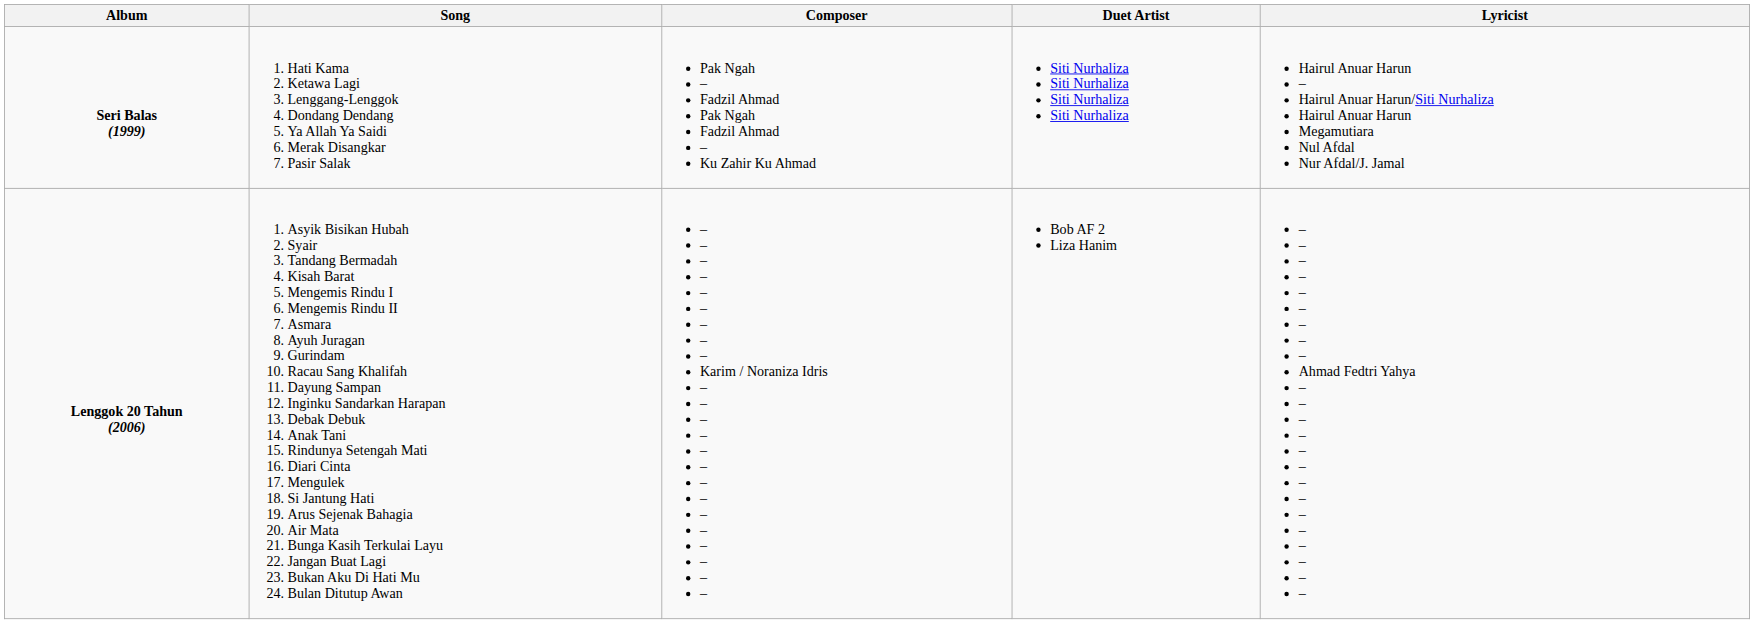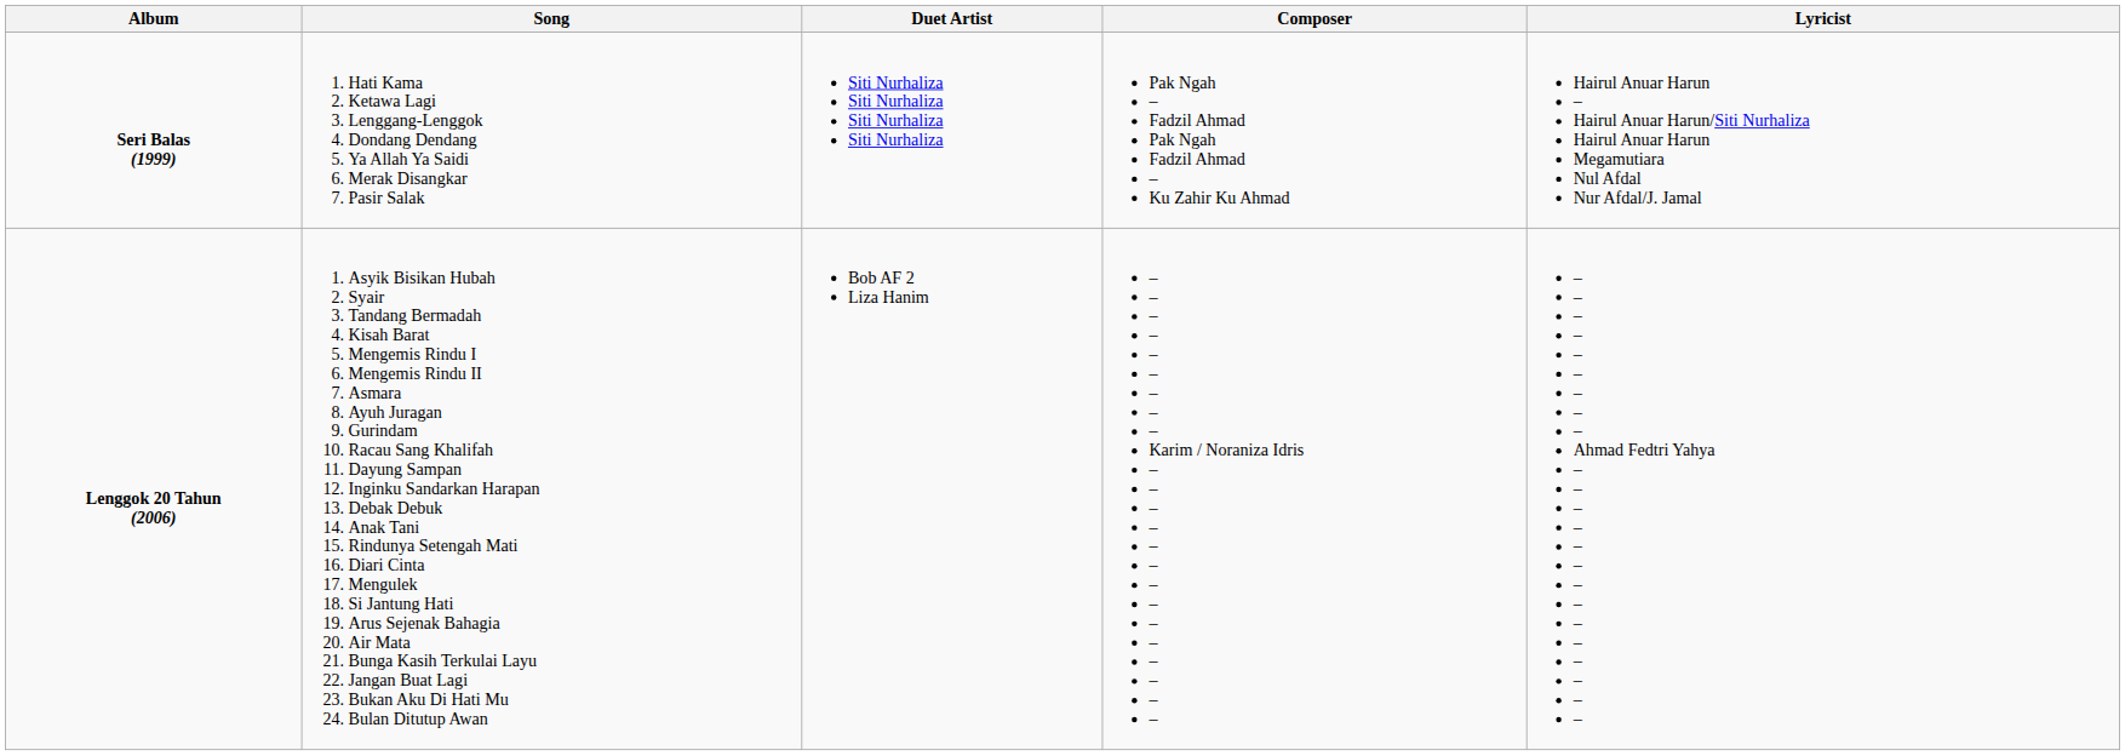 <table class="wikitable" style="width:100%;">
 <tr>
 <th style="text-align:center;">Album</th>
 <th style="text-align:center;">Song</th>
+<th align="left">Duet Artist</th>
 <th align="left">Composer</th>
-<th align="left">Duet Artist</th>
 <th align="left">Lyricist</th>
 </tr>
 <tr>
 <td style="text-align:center;"><br><br><strong>Seri Balas</strong><br><strong><em>(1999)</em></strong></td>
 <td><br><ol><li>Hati Kama</li><li>Ketawa Lagi</li><li>Lenggang-Lenggok</li><li>Dondang Dendang</li><li>Ya Allah Ya Saidi</li><li>Merak Disangkar</li><li>Pasir Salak</li></ol></td>
+<td valign="top"><br><ul><li><a href='#'>Siti Nurhaliza</a></li><li><a href='#'>Siti Nurhaliza</a></li><li><a href='#'>Siti Nurhaliza</a></li><li><a href='#'>Siti Nurhaliza</a></li></ul></td>
 <td><br><ul><li>Pak Ngah</li><li>–</li><li>Fadzil Ahmad</li><li>Pak Ngah</li><li>Fadzil Ahmad</li><li>–</li><li>Ku Zahir Ku Ahmad</li></ul></td>
-<td valign="top"><br><ul><li><a href='#'>Siti Nurhaliza</a></li><li><a href='#'>Siti Nurhaliza</a></li><li><a href='#'>Siti Nurhaliza</a></li><li><a href='#'>Siti Nurhaliza</a></li></ul></td>
 <td><br><ul><li>Hairul Anuar Harun</li><li>–</li><li>Hairul Anuar Harun/<a href='#'>Siti Nurhaliza</a></li><li>Hairul Anuar Harun</li><li>Megamutiara</li><li>Nul Afdal</li><li>Nur Afdal/J. Jamal</li></ul></td>
 </tr>
 <tr>
 <td style="text-align:center;"><br><br><strong>Lenggok 20 Tahun</strong><br><strong><em>(2006)</em></strong></td>
 <td><br><ol><li>Asyik Bisikan Hubah</li><li>Syair</li><li>Tandang Bermadah</li><li>Kisah Barat</li><li>Mengemis Rindu I</li><li>Mengemis Rindu II</li><li>Asmara</li><li>Ayuh Juragan</li><li>Gurindam</li><li>Racau Sang Khalifah</li><li>Dayung Sampan</li><li>Inginku Sandarkan Harapan</li><li>Debak Debuk</li><li>Anak Tani</li><li>Rindunya Setengah Mati</li><li>Diari Cinta</li><li>Mengulek</li><li>Si Jantung Hati</li><li>Arus Sejenak Bahagia</li><li>Air Mata</li><li>Bunga Kasih Terkulai Layu</li><li>Jangan Buat Lagi</li><li>Bukan Aku Di Hati Mu</li><li>Bulan Ditutup Awan</li></ol></td>
+<td valign="top"><br><ul><li>Bob AF 2</li><li>Liza Hanim</li></ul></td>
 <td><br><ul><li>–</li><li>–</li><li>–</li><li>–</li><li>–</li><li>–</li><li>–</li><li>–</li><li>–</li><li>Karim / Noraniza Idris</li><li>–</li><li>–</li><li>–</li><li>–</li><li>–</li><li>–</li><li>–</li><li>–</li><li>–</li><li>–</li><li>–</li><li>–</li><li>–</li><li>–</li></ul></td>
-<td valign="top"><br><ul><li>Bob AF 2</li><li>Liza Hanim</li></ul></td>
 <td><br><ul><li>–</li><li>–</li><li>–</li><li>–</li><li>–</li><li>–</li><li>–</li><li>–</li><li>–</li><li>Ahmad Fedtri Yahya</li><li>–</li><li>–</li><li>–</li><li>–</li><li>–</li><li>–</li><li>–</li><li>–</li><li>–</li><li>–</li><li>–</li><li>–</li><li>–</li><li>–</li></ul></td>
 </tr>
 </table>
